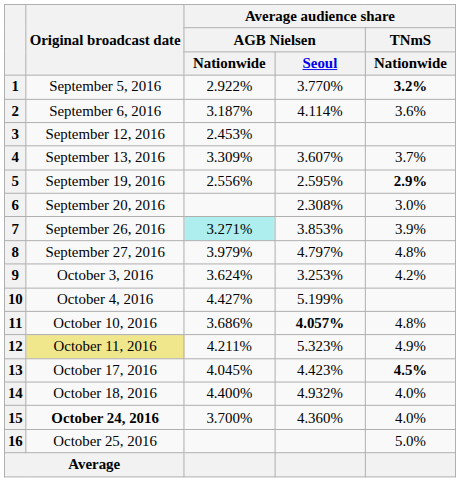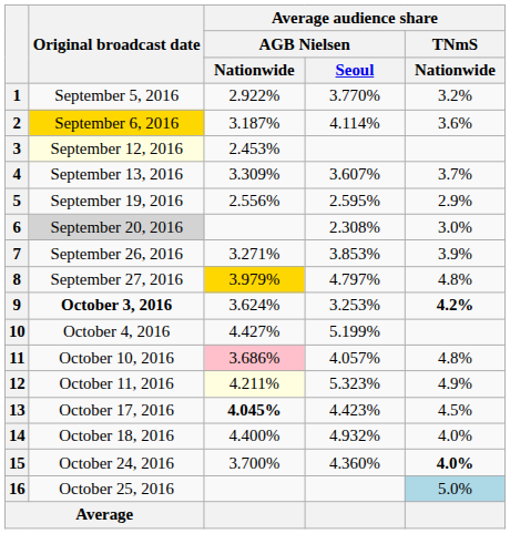 <table class="wikitable" style="text-align:center">
 <tr>
 <th rowspan="3"></th>
 <th rowspan="3">Original broadcast date</th>
 <th colspan="3">Average audience share</th>
 </tr>
 <tr>
 <th colspan="2">AGB Nielsen</th>
 <th>TNmS </th>
 </tr>
 <tr>
 <th width="90">Nationwide</th>
 <th width="90"><a href='#'>Seoul</a></th>
 <th width="90">Nationwide</th>
 </tr>
 <tr>
 <th>1</th>
 <td>September 5, 2016</td>
 <td>2.922%</td>
 <td>3.770%</td>
-<td><strong>3.2%</strong></td>
+<td>3.2%</td>
 </tr>
 <tr>
 <th>2</th>
-<td>September 6, 2016</td>
+<td style="background: gold;">September 6, 2016</td>
 <td>3.187%</td>
 <td>4.114%</td>
 <td>3.6%</td>
 </tr>
 <tr>
 <th>3</th>
-<td>September 12, 2016</td>
+<td style="background: lightyellow;">September 12, 2016</td>
 <td>2.453%</td>
 <td></td>
 <td></td>
 </tr>
 <tr>
 <th>4</th>
 <td>September 13, 2016</td>
 <td>3.309%</td>
 <td>3.607%</td>
 <td>3.7%</td>
 </tr>
 <tr>
 <th>5</th>
 <td>September 19, 2016</td>
 <td>2.556%</td>
 <td>2.595%</td>
-<td><strong>2.9%</strong></td>
+<td>2.9%</td>
 </tr>
 <tr>
 <th>6</th>
-<td>September 20, 2016</td>
+<td style="background: lightgrey;">September 20, 2016</td>
 <td></td>
 <td>2.308%</td>
 <td>3.0%</td>
 </tr>
 <tr>
 <th>7</th>
 <td>September 26, 2016</td>
-<td style="background: paleturquoise;">3.271%</td>
+<td>3.271%</td>
 <td>3.853%</td>
 <td>3.9%</td>
 </tr>
 <tr>
 <th>8</th>
 <td>September 27, 2016</td>
-<td>3.979%</td>
+<td style="background: gold;">3.979%</td>
 <td>4.797%</td>
 <td>4.8%</td>
 </tr>
 <tr>
 <th>9</th>
-<td>October 3, 2016</td>
+<td><strong>October 3, 2016</strong></td>
 <td>3.624%</td>
 <td>3.253%</td>
-<td>4.2%</td>
+<td><strong>4.2%</strong></td>
 </tr>
 <tr>
 <th>10</th>
 <td>October 4, 2016</td>
 <td>4.427%</td>
 <td>5.199%</td>
 <td></td>
 </tr>
 <tr>
 <th>11</th>
 <td>October 10, 2016</td>
-<td>3.686%</td>
-<td><strong>4.057%</strong></td>
+<td style="background: pink;">3.686%</td>
+<td>4.057%</td>
 <td>4.8%</td>
 </tr>
 <tr>
 <th>12</th>
-<td style="background: khaki;">October 11, 2016</td>
-<td>4.211%</td>
+<td>October 11, 2016</td>
+<td style="background: lightyellow;">4.211%</td>
 <td>5.323%</td>
 <td>4.9%</td>
 </tr>
 <tr>
 <th>13</th>
 <td>October 17, 2016</td>
-<td>4.045%</td>
+<td><strong>4.045%</strong></td>
 <td>4.423%</td>
-<td><strong>4.5%</strong></td>
+<td>4.5%</td>
 </tr>
 <tr>
 <th>14</th>
 <td>October 18, 2016</td>
 <td>4.400%</td>
 <td>4.932%</td>
 <td>4.0%</td>
 </tr>
 <tr>
 <th>15</th>
-<td><strong>October 24, 2016</strong></td>
+<td>October 24, 2016</td>
 <td>3.700%</td>
 <td>4.360%</td>
-<td>4.0%</td>
+<td><strong>4.0%</strong></td>
 </tr>
 <tr>
 <th>16</th>
 <td>October 25, 2016</td>
 <td></td>
 <td></td>
-<td>5.0%</td>
+<td style="background: lightblue;">5.0%</td>
 </tr>
 <tr>
 <th colspan="2">Average</th>
 <th></th>
 <th></th>
 <th></th>
 </tr>
 </table>
